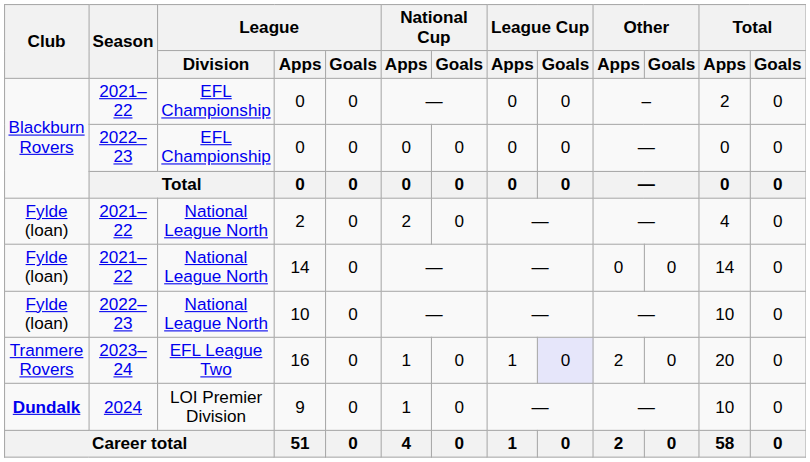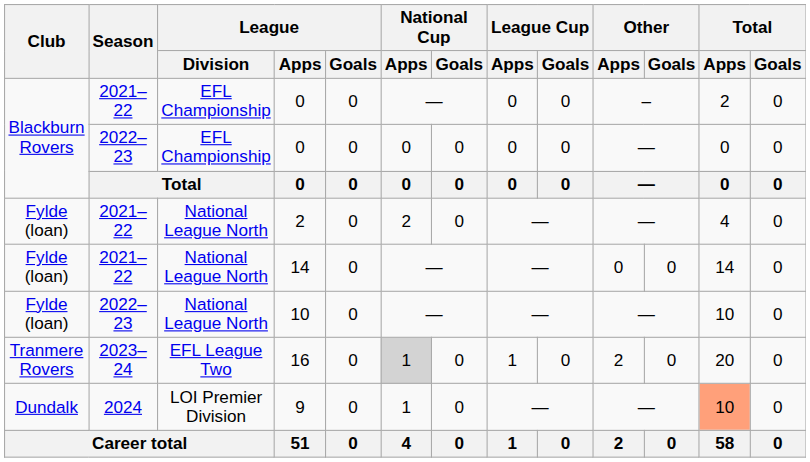 <table class="wikitable" style="text-align:center;">
 <tr>
 <th rowspan="2">Club</th>
 <th rowspan="2">Season</th>
 <th colspan="3">League</th>
 <th colspan="2">National Cup</th>
 <th colspan="2">League Cup</th>
 <th colspan="2">Other</th>
 <th colspan="2">Total</th>
 </tr>
 <tr>
 <th>Division</th>
 <th>Apps</th>
 <th>Goals</th>
 <th>Apps</th>
 <th>Goals</th>
 <th>Apps</th>
 <th>Goals</th>
 <th>Apps</th>
 <th>Goals</th>
 <th>Apps</th>
 <th>Goals</th>
 </tr>
 <tr>
 <td rowspan="3"><a href='#'>Blackburn Rovers</a></td>
 <td><a href='#'>2021–22</a></td>
 <td><a href='#'>EFL Championship</a></td>
 <td>0</td>
 <td>0</td>
 <td colspan="2">—</td>
 <td>0</td>
 <td>0</td>
 <td colspan="2">–</td>
 <td>2</td>
 <td>0</td>
 </tr>
 <tr>
 <td><a href='#'>2022–23</a></td>
 <td><a href='#'>EFL Championship</a></td>
 <td>0</td>
 <td>0</td>
 <td>0</td>
 <td>0</td>
 <td>0</td>
 <td>0</td>
 <td colspan="2">—</td>
 <td>0</td>
 <td>0</td>
 </tr>
 <tr>
 <th colspan="2">Total</th>
 <th>0</th>
 <th>0</th>
 <th>0</th>
 <th>0</th>
 <th>0</th>
 <th>0</th>
 <th colspan="2">—</th>
 <th>0</th>
 <th>0</th>
 </tr>
 <tr>
 <td><a href='#'>Fylde</a> (loan)</td>
 <td><a href='#'>2021–22</a></td>
 <td><a href='#'>National League North</a></td>
 <td>2</td>
 <td>0</td>
 <td>2</td>
 <td>0</td>
 <td colspan="2">—</td>
 <td colspan="2">—</td>
 <td>4</td>
 <td>0</td>
 </tr>
 <tr>
 <td><a href='#'>Fylde</a> (loan)</td>
 <td><a href='#'>2021–22</a></td>
 <td><a href='#'>National League North</a></td>
 <td>14</td>
 <td>0</td>
 <td colspan="2">—</td>
 <td colspan="2">—</td>
 <td>0</td>
 <td>0</td>
 <td>14</td>
 <td>0</td>
 </tr>
 <tr>
 <td><a href='#'>Fylde</a> (loan)</td>
 <td><a href='#'>2022–23</a></td>
 <td><a href='#'>National League North</a></td>
 <td>10</td>
 <td>0</td>
 <td colspan="2">—</td>
 <td colspan="2">—</td>
 <td colspan="2">—</td>
 <td>10</td>
 <td>0</td>
 </tr>
 <tr>
 <td><a href='#'>Tranmere Rovers</a></td>
 <td><a href='#'>2023–24</a></td>
 <td><a href='#'>EFL League Two</a></td>
 <td>16</td>
 <td>0</td>
+<td style="background: lightgrey;">1</td>
+<td>0</td>
 <td>1</td>
 <td>0</td>
-<td>1</td>
-<td style="background: lavender;">0</td>
 <td>2</td>
 <td>0</td>
 <td>20</td>
 <td>0</td>
 </tr>
 <tr>
-<td><strong><a href='#'>Dundalk</a></strong></td>
+<td><a href='#'>Dundalk</a></td>
 <td><a href='#'>2024</a></td>
 <td>LOI Premier Division</td>
 <td>9</td>
 <td>0</td>
 <td>1</td>
 <td>0</td>
 <td colspan="2">—</td>
 <td colspan="2">—</td>
-<td>10</td>
+<td style="background: lightsalmon;">10</td>
 <td>0</td>
 </tr>
 <tr>
 <th colspan="3">Career total</th>
 <th>51</th>
 <th>0</th>
 <th>4</th>
 <th>0</th>
 <th>1</th>
 <th>0</th>
 <th>2</th>
 <th>0</th>
 <th>58</th>
 <th>0</th>
 </tr>
 </table>
